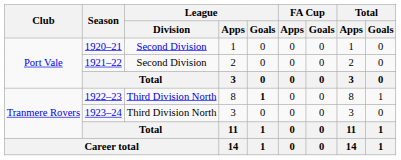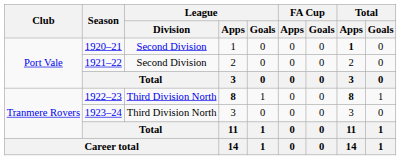 <table class="wikitable" style="text-align: center;">
 <tr>
 <th rowspan="2">Club</th>
 <th rowspan="2">Season</th>
 <th colspan="3">League</th>
 <th colspan="2">FA Cup</th>
 <th colspan="2">Total</th>
 </tr>
 <tr>
 <th>Division</th>
 <th>Apps</th>
 <th>Goals</th>
 <th>Apps</th>
 <th>Goals</th>
 <th>Apps</th>
 <th>Goals</th>
 </tr>
 <tr>
 <td rowspan="3"><a href='#'>Port Vale</a></td>
 <td><a href='#'>1920–21</a></td>
 <td><a href='#'>Second Division</a></td>
 <td>1</td>
 <td>0</td>
 <td>0</td>
 <td>0</td>
-<td>1</td>
+<td><strong>1</strong></td>
 <td>0</td>
 </tr>
 <tr>
 <td><a href='#'>1921–22</a></td>
 <td>Second Division</td>
 <td>2</td>
 <td>0</td>
 <td>0</td>
 <td>0</td>
 <td>2</td>
 <td>0</td>
 </tr>
 <tr>
 <th colspan="2">Total</th>
 <th>3</th>
 <th>0</th>
 <th>0</th>
 <th>0</th>
 <th>3</th>
 <th>0</th>
 </tr>
 <tr>
 <td rowspan="3"><a href='#'>Tranmere Rovers</a></td>
 <td><a href='#'>1922–23</a></td>
 <td><a href='#'>Third Division North</a></td>
-<td>8</td>
-<td><strong>1</strong></td>
+<td><strong>8</strong></td>
+<td>1</td>
 <td>0</td>
 <td>0</td>
-<td>8</td>
+<td><strong>8</strong></td>
 <td>1</td>
 </tr>
 <tr>
 <td><a href='#'>1923–24</a></td>
 <td>Third Division North</td>
 <td>3</td>
 <td>0</td>
 <td>0</td>
 <td>0</td>
 <td>3</td>
 <td>0</td>
 </tr>
 <tr>
 <th colspan="2">Total</th>
 <th>11</th>
 <th>1</th>
 <th>0</th>
 <th>0</th>
 <th>11</th>
 <th>1</th>
 </tr>
 <tr>
 <th colspan="3">Career total</th>
 <th>14</th>
 <th>1</th>
 <th>0</th>
 <th>0</th>
 <th>14</th>
 <th>1</th>
 </tr>
 </table>
